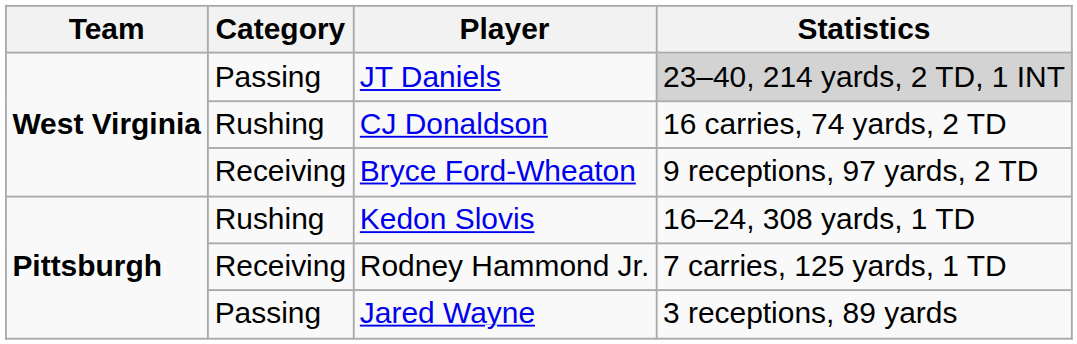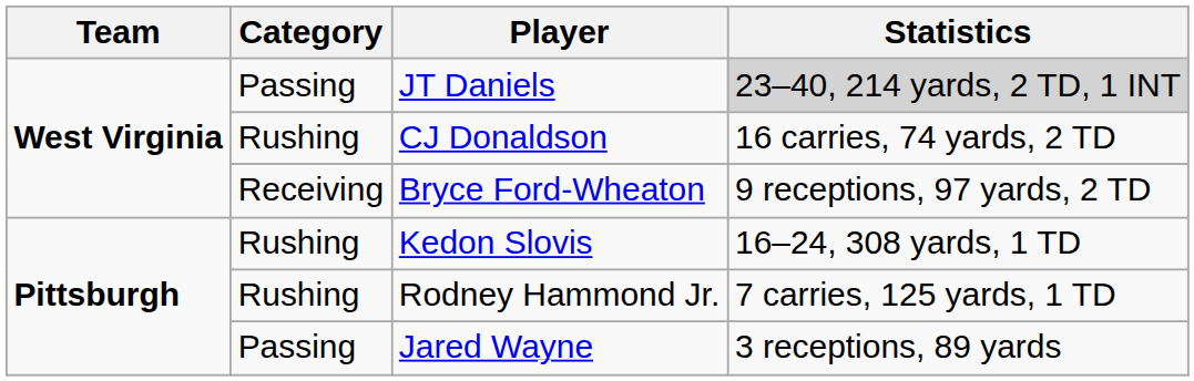 <table class="wikitable" style="float: right;">
 <tr>
 <th>Team</th>
 <th>Category</th>
 <th>Player</th>
 <th>Statistics</th>
 </tr>
 <tr>
 <td rowspan=3><strong>West Virginia</strong></td>
 <td>Passing</td>
 <td><a href='#'>JT Daniels</a></td>
 <td style="background: lightgrey;">23–40, 214 yards, 2 TD, 1 INT</td>
 </tr>
 <tr>
 <td>Rushing</td>
 <td><a href='#'>CJ Donaldson</a></td>
 <td>16 carries, 74 yards, 2 TD</td>
 </tr>
 <tr>
 <td>Receiving</td>
 <td><a href='#'>Bryce Ford-Wheaton</a></td>
 <td>9 receptions, 97 yards, 2 TD</td>
 </tr>
 <tr>
 <td rowspan=3><strong>Pittsburgh</strong></td>
 <td>Rushing</td>
 <td><a href='#'>Kedon Slovis</a></td>
 <td>16–24, 308 yards, 1 TD</td>
 </tr>
 <tr>
-<td>Receiving</td>
+<td>Rushing</td>
 <td>Rodney Hammond Jr.</td>
 <td>7 carries, 125 yards, 1 TD</td>
 </tr>
 <tr>
 <td>Passing</td>
 <td><a href='#'>Jared Wayne</a></td>
 <td>3 receptions, 89 yards</td>
 </tr>
 </table>
